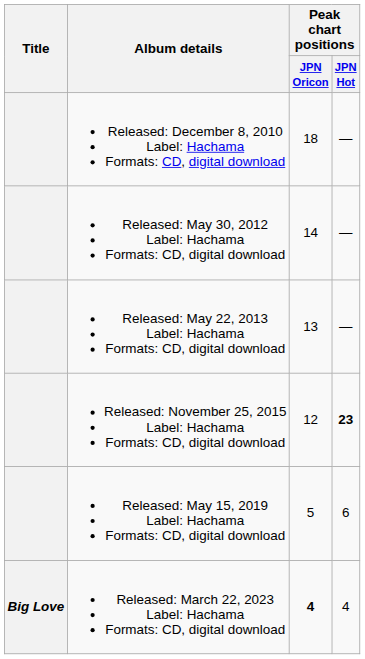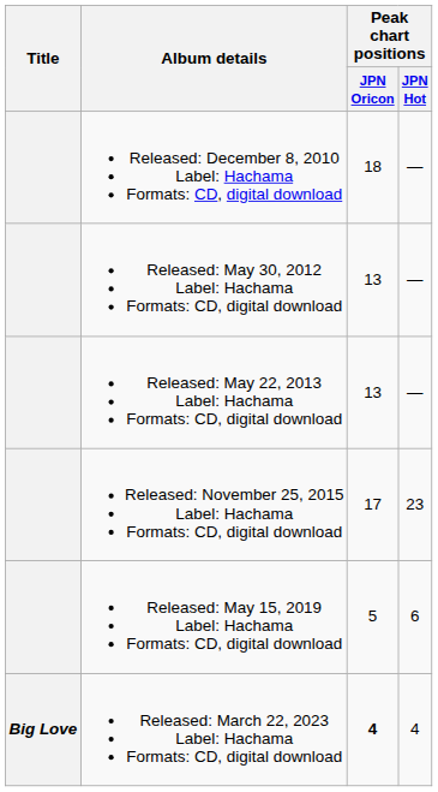 <table class="wikitable plainrowheaders" style="text-align:center;">
 <tr>
 <th scope="col" rowspan="2">Title</th>
 <th scope="col" rowspan="2">Album details</th>
 <th scope="col" colspan="2">Peak <br> chart <br> positions</th>
 </tr>
 <tr>
 <th scope="col"><small><a href='#'>JPN<br>Oricon</a></small><br></th>
 <th scope="col"><small><a href='#'>JPN<br>Hot</a></small><br></th>
 </tr>
 <tr>
 <th scope="row"><em></em></th>
 <td><br><ul><li>Released: December 8, 2010</li><li>Label: <a href='#'>Hachama</a></li><li>Formats: <a href='#'>CD</a>, <a href='#'>digital download</a></li></ul></td>
 <td>18</td>
 <td>—</td>
 </tr>
 <tr>
 <th scope="row"><em></em></th>
 <td><br><ul><li>Released: May 30, 2012</li><li>Label: Hachama</li><li>Formats: CD, digital download</li></ul></td>
-<td>14</td>
+<td>13</td>
 <td>—</td>
 </tr>
 <tr>
 <th scope="row"><em></em></th>
 <td><br><ul><li>Released: May 22, 2013</li><li>Label: Hachama</li><li>Formats: CD, digital download</li></ul></td>
 <td>13</td>
 <td>—</td>
 </tr>
 <tr>
 <th scope="row"><em></em></th>
 <td><br><ul><li>Released: November 25, 2015</li><li>Label: Hachama</li><li>Formats: CD, digital download</li></ul></td>
-<td>12</td>
-<td><strong>23</strong></td>
+<td>17</td>
+<td>23</td>
 </tr>
 <tr>
 <th scope="row"><em></em></th>
 <td><br><ul><li>Released: May 15, 2019</li><li>Label: Hachama</li><li>Formats: CD, digital download</li></ul></td>
 <td>5</td>
 <td>6</td>
 </tr>
 <tr>
 <th scope="row"><em>Big Love</em></th>
 <td><br><ul><li>Released: March 22, 2023</li><li>Label: Hachama</li><li>Formats: CD, digital download</li></ul></td>
 <td><strong>4</strong></td>
 <td>4</td>
 </tr>
 </table>
